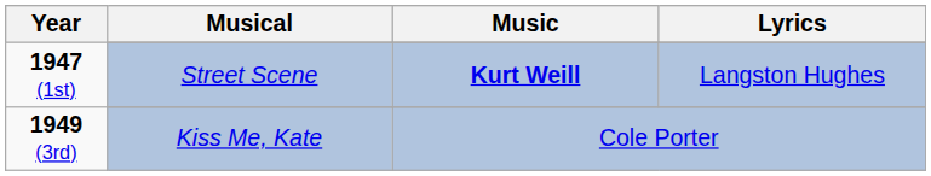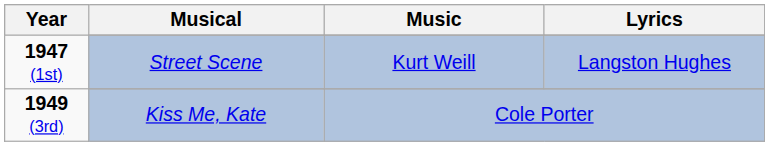 <table class="wikitable" style="width:100%; text-align:center;">
 <tr style="background:#bebebe;">
 <th style="width:11%;">Year</th>
 <th style="width:31%;">Musical</th>
 <th style="width:29%;">Music</th>
 <th style="width:29%;">Lyrics</th>
 </tr>
 <tr>
 <td rowspan="2" align="center"><strong>1947</strong><br><small><a href='#'>(1st)</a></small></td>
 </tr>
 <tr style="background:#B0C4DE">
 <td><em><a href='#'>Street Scene</a></em></td>
-<td><strong><a href='#'>Kurt Weill</a></strong></td>
+<td><a href='#'>Kurt Weill</a></td>
 <td><a href='#'>Langston Hughes</a></td>
 </tr>
 <tr>
 <td rowspan="2" align="center"><strong>1949</strong><br><small><a href='#'>(3rd)</a></small></td>
 </tr>
 <tr style="background:#B0C4DE">
 <td><em><a href='#'>Kiss Me, Kate</a></em></td>
 <td colspan="2"><a href='#'>Cole Porter</a></td>
 </tr>
 </table>
